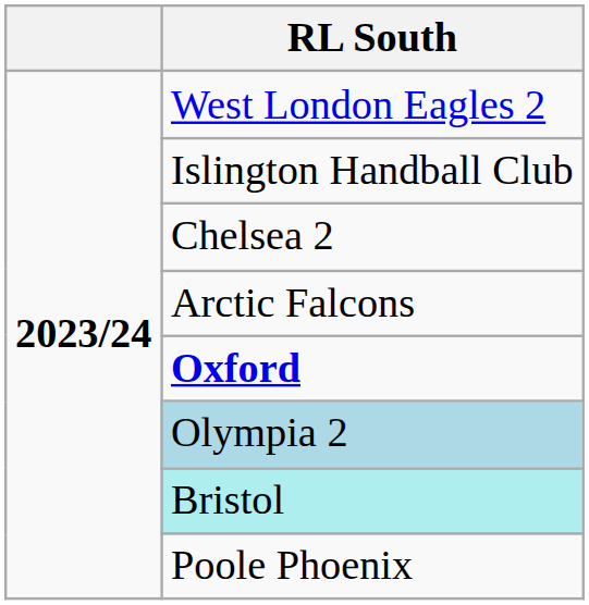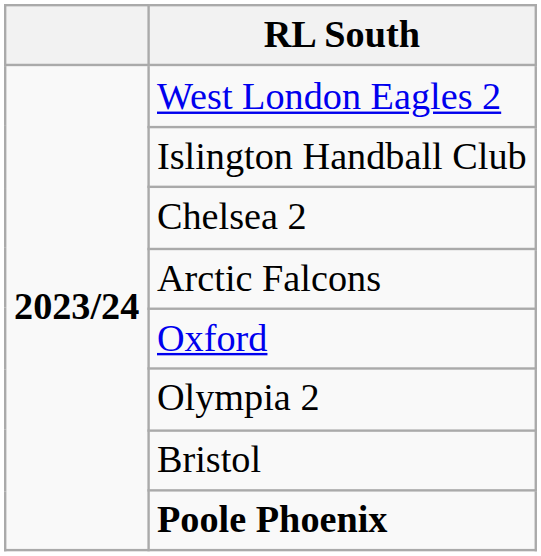 <table class="wikitable">
 <tr>
 <th></th>
 <th>RL South</th>
 </tr>
 <tr>
 <td rowspan="8"><strong>2023/24</strong></td>
 <td><a href='#'>West London Eagles 2</a></td>
 </tr>
 <tr>
 <td>Islington Handball Club</td>
 </tr>
 <tr>
 <td>Chelsea 2</td>
 </tr>
 <tr>
 <td>Arctic Falcons</td>
 </tr>
 <tr>
-<td><strong><a href='#'>Oxford</a></strong></td>
+<td><a href='#'>Oxford</a></td>
 </tr>
 <tr>
-<td style="background: lightblue;">Olympia 2</td>
+<td>Olympia 2</td>
 </tr>
 <tr>
-<td style="background: paleturquoise;">Bristol</td>
+<td>Bristol</td>
 </tr>
 <tr>
-<td>Poole Phoenix</td>
+<td><strong>Poole Phoenix</strong></td>
 </tr>
 </table>
